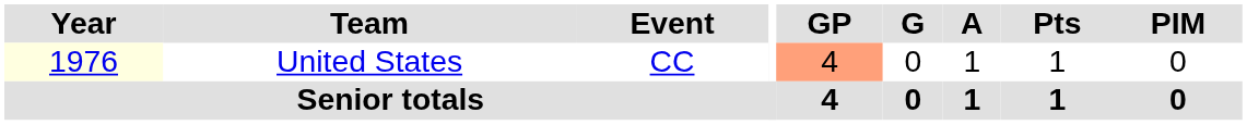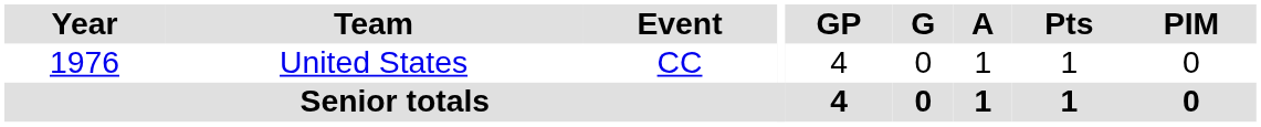 <table border="0" cellpadding="1" cellspacing="0" ID="Table3" style="text-align:center; width:40em">
 <tr bgcolor="#e0e0e0">
 <th>Year</th>
 <th>Team</th>
 <th>Event</th>
 <th rowspan="102" bgcolor="#ffffff"></th>
 <th>GP</th>
 <th>G</th>
 <th>A</th>
 <th>Pts</th>
 <th>PIM</th>
 </tr>
 <tr>
-<td style="background: lightyellow;"><a href='#'>1976</a></td>
+<td><a href='#'>1976</a></td>
 <td><a href='#'>United States</a></td>
 <td><a href='#'>CC</a></td>
-<td style="background: lightsalmon;">4</td>
+<td>4</td>
 <td>0</td>
 <td>1</td>
 <td>1</td>
 <td>0</td>
 </tr>
 <tr bgcolor="#e0e0e0">
 <th colspan="4">Senior totals</th>
 <th>4</th>
 <th>0</th>
 <th>1</th>
 <th>1</th>
 <th>0</th>
 </tr>
 </table>
